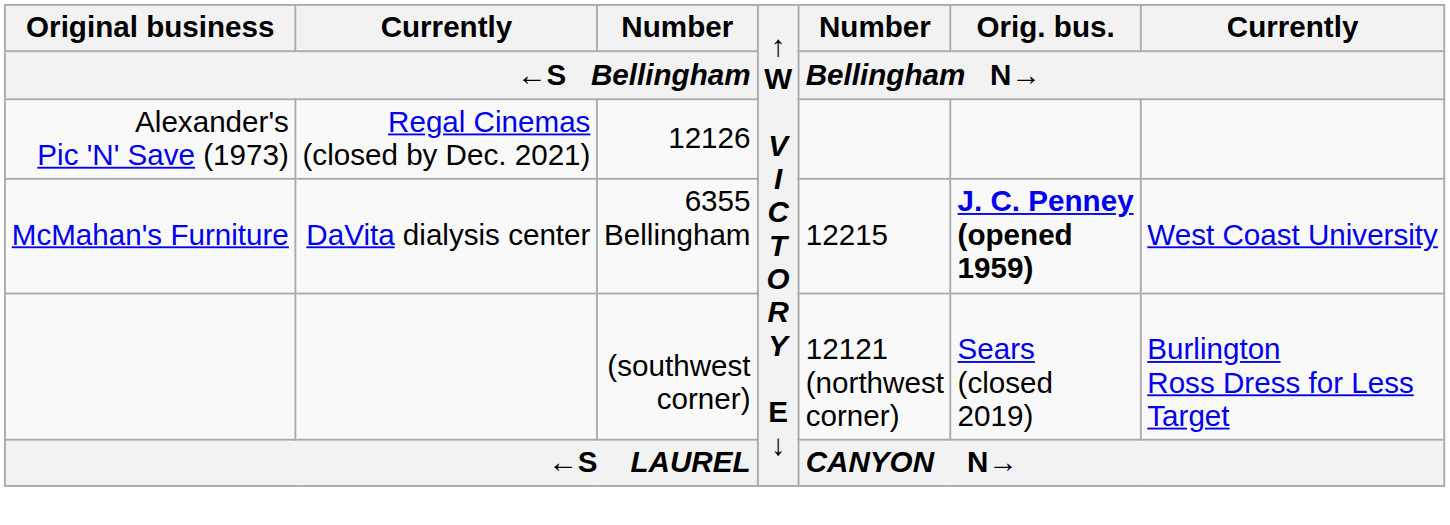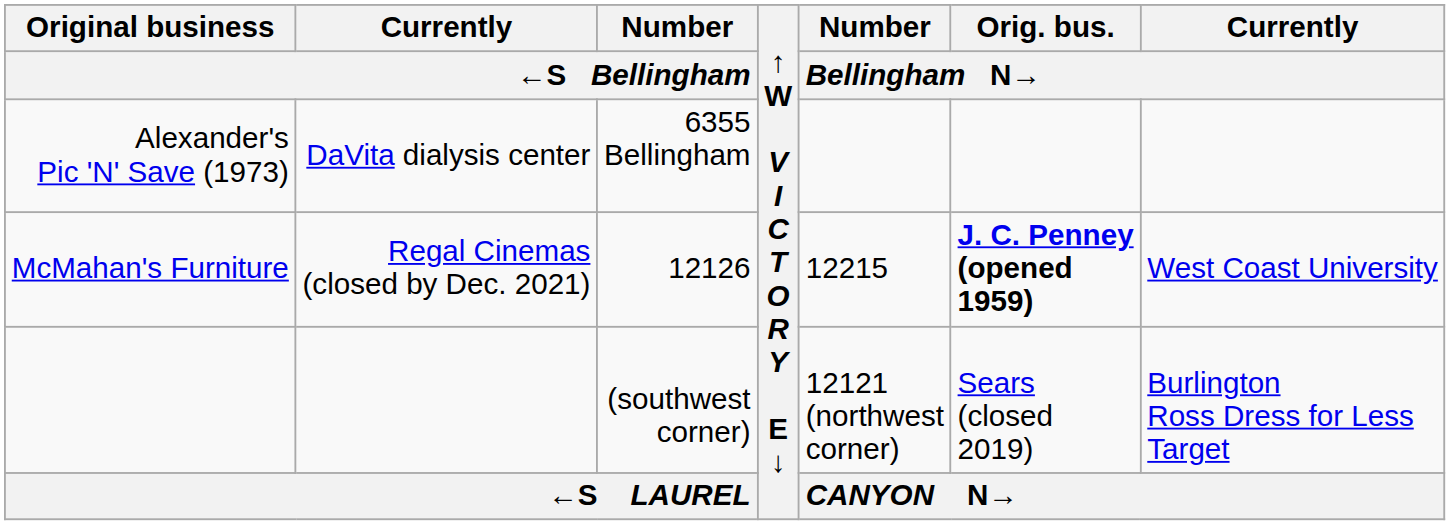 <table class=wikitable>
 <tr>
 <th>Original business</th>
 <th>Currently</th>
 <th>Number</th>
 <th rowspan = 6>↑<br>W<br><br><strong><em>V<br>I<br>C<br>T<br>O<br>R<br>Y</em></strong><br><br>E<br>↓</th>
 <th>Number</th>
 <th>Orig. bus.</th>
 <th>Currently</th>
 </tr>
 <tr>
 <th colspan = 3 style="text-align:right;">←S   <em>Bellingham</em><br></th>
 <th colspan = 3 style="text-align:left;"><em>Bellingham</em>   N→</th>
 </tr>
 <tr>
 <td style="text-align:right; vertical-align:middle;">Alexander's<br><a href='#'>Pic 'N' Save</a> (1973)</td>
-<td style="text-align:right; vertical-align:middle;"><a href='#'>Regal Cinemas</a><br>(closed by Dec. 2021)</td>
-<td style="text-align:right; vertical-align: middle;">12126<br></td>
+<td style="text-align:right; vertical-align: middle;"><a href='#'>DaVita</a> dialysis center</td>
+<td style="text-align:right; vertical-align:middle;">6355<br>Bellingham<br><br></td>
 <td style="text-align:right; vertical-align:middle;"></td>
 <td style="text-align:right; vertical-align:middle;"></td>
 <td style="text-align:right; vertical-align:middle;"></td>
 </tr>
 <tr>
 <td style="text-align:right; vertical-align: middle;"><a href='#'>McMahan's Furniture</a></td>
-<td style="text-align:right; vertical-align: middle;"><a href='#'>DaVita</a> dialysis center</td>
-<td style="text-align:right; vertical-align:middle;">6355<br>Bellingham<br><br></td>
+<td style="text-align:right; vertical-align:middle;"><a href='#'>Regal Cinemas</a><br>(closed by Dec. 2021)</td>
+<td style="text-align:right; vertical-align: middle;">12126<br></td>
 <td style="text-align:left; vertical-align: middle;">12215</td>
 <td style="text-align:left; vertical-align: middle;"><strong><a href='#'>J. C. Penney</a><br>(opened<br>1959)</strong></td>
 <td style="text-align:left; vertical-align: middle;"><a href='#'>West Coast University</a></td>
 </tr>
 <tr>
 <td style="text-align:right; vertical-align: middle;"></td>
 <td style="text-align:right; vertical-align: middle;"></td>
 <td style="text-align:right; vertical-align: middle;">     <br>(southwest<br>corner)<br></td>
 <td style="text-align:left; vertical-align: bottom;"><br>12121<br>(northwest<br>corner)</td>
 <td style="text-align:left; vertical-align: bottom;"><a href='#'>Sears</a><br>(closed<br>2019)</td>
 <td style="text-align:left; vertical-align: bottom;"><a href='#'>Burlington</a><br><a href='#'>Ross Dress for Less</a><br><a href='#'>Target</a></td>
 </tr>
 <tr>
 <th colspan = 3 style="text-align:right;">←S    <strong><em>LAUREL</em></strong></th>
 <th colspan = 3 style="text-align:left;"><strong><em>CANYON</em></strong>    N→</th>
 </tr>
 </table>
